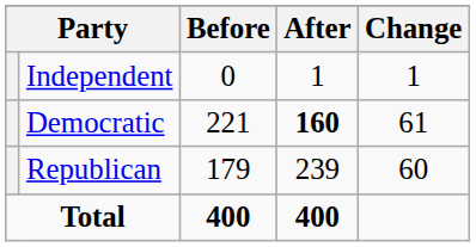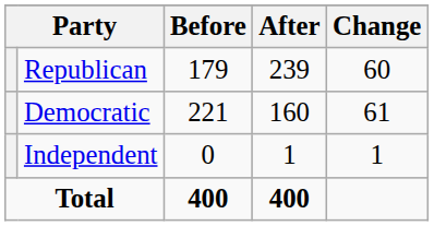 <table class="wikitable" style="text-align:center;">
 <tr>
 </tr>
 <tr>
 <th colspan=2>Party</th>
 <th>Before</th>
 <th>After</th>
 <th>Change</th>
 </tr>
 <tr>
 <th style="background-color:"></th>
-<td style="text-align:left;"><a href='#'>Independent</a></td>
-<td>0</td>
-<td>1</td>
-<td> 1</td>
+<td style="text-align:left;"><a href='#'>Republican</a></td>
+<td>179</td>
+<td>239</td>
+<td> 60</td>
 </tr>
 <tr>
 <th style="background-color:"></th>
 <td style="text-align:left;"><a href='#'>Democratic</a></td>
 <td>221</td>
-<td><strong>160</strong></td>
+<td>160</td>
 <td> 61</td>
 </tr>
 <tr>
 <th style="background-color:"></th>
-<td style="text-align:left;"><a href='#'>Republican</a></td>
-<td>179</td>
-<td>239</td>
-<td> 60</td>
+<td style="text-align:left;"><a href='#'>Independent</a></td>
+<td>0</td>
+<td>1</td>
+<td> 1</td>
 </tr>
 <tr>
 <td colspan=2><strong>Total</strong></td>
 <td><strong>400</strong></td>
 <td><strong>400</strong></td>
 <td></td>
 </tr>
 </table>
